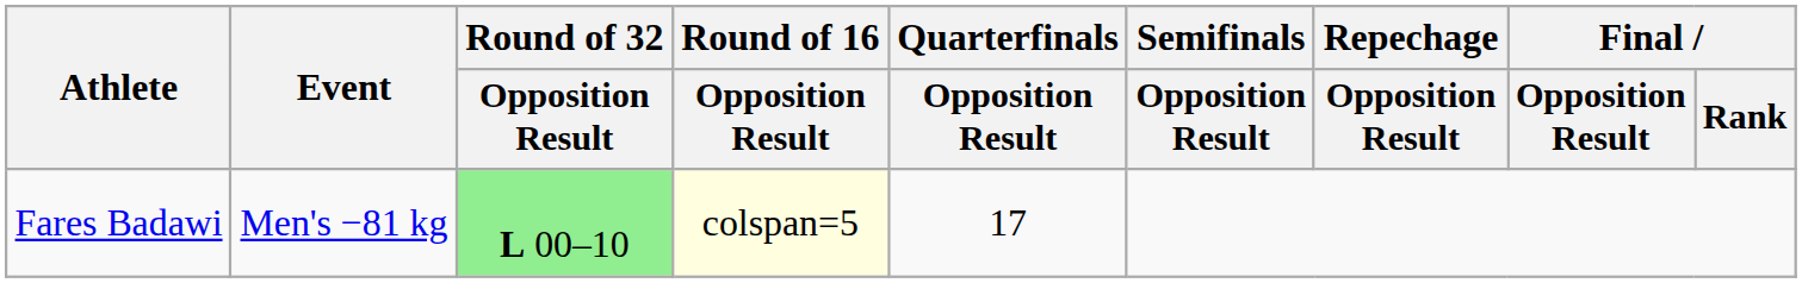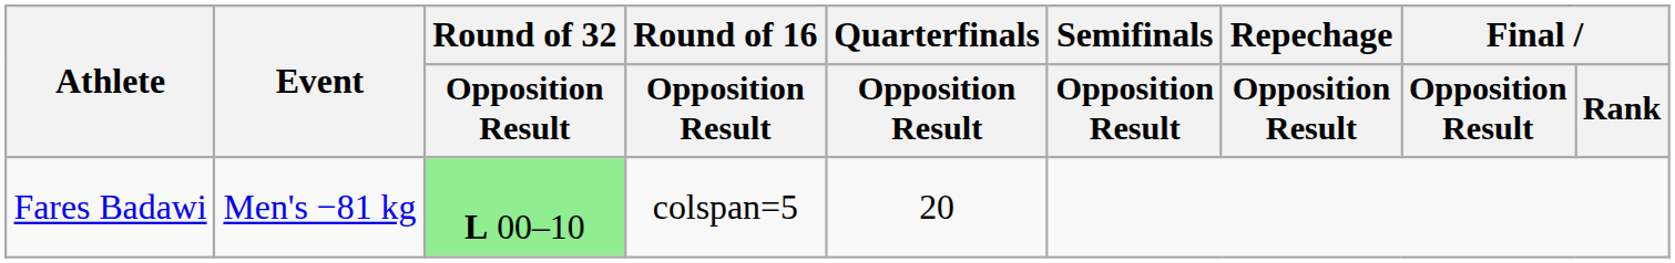 <table class="wikitable" style="font-size:90%">
 <tr>
 <th rowspan="2">Athlete</th>
 <th rowspan="2">Event</th>
 <th>Round of 32</th>
 <th>Round of 16</th>
 <th>Quarterfinals</th>
 <th>Semifinals</th>
 <th>Repechage</th>
 <th colspan=2>Final / </th>
 </tr>
 <tr style="font-size:95%">
 <th>Opposition<br>Result</th>
 <th>Opposition<br>Result</th>
 <th>Opposition<br>Result</th>
 <th>Opposition<br>Result</th>
 <th>Opposition<br>Result</th>
 <th>Opposition<br>Result</th>
 <th>Rank</th>
 </tr>
 <tr align=center>
 <td align=left><a href='#'>Fares Badawi</a></td>
 <td align=left><a href='#'>Men's −81 kg</a></td>
 <td style="background: lightgreen;"><br><strong>L</strong> 00–10</td>
-<td style="background: lightyellow;">colspan=5</td>
-<td>17</td>
+<td>colspan=5</td>
+<td>20</td>
 </tr>
 </table>
